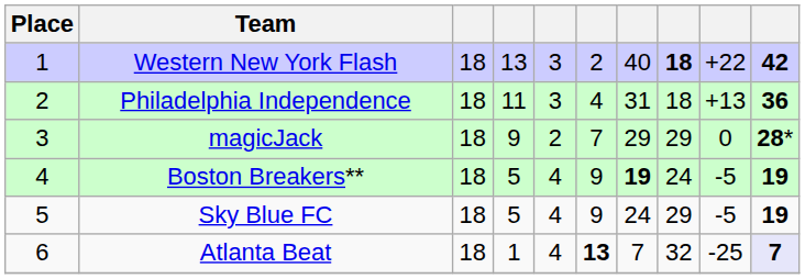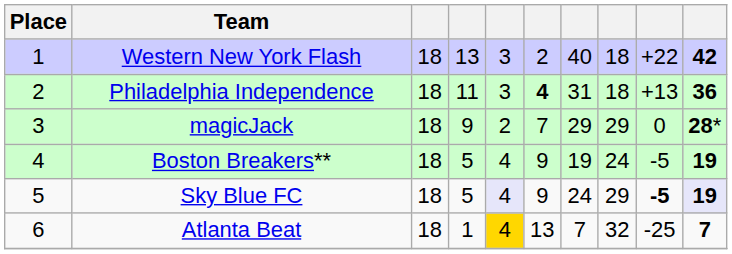 <table class="wikitable">
 <tr>
 <th>Place</th>
 <th width="240">Team</th>
 <th width="20"></th>
 <th width="20"></th>
 <th width="20"></th>
 <th width="20"></th>
 <th width="20"></th>
 <th width="20"></th>
 <th width="20"></th>
 <th width="20"></th>
 </tr>
 <tr bgcolor=#ccccff align="center">
 <td>1</td>
 <td><a href='#'>Western New York Flash</a></td>
 <td>18</td>
 <td>13</td>
 <td>3</td>
 <td>2</td>
 <td>40</td>
-<td><strong>18</strong></td>
+<td>18</td>
 <td>+22</td>
 <td><strong>42</strong></td>
 </tr>
 <tr bgcolor=#ccffcc align="center">
 <td>2</td>
 <td><a href='#'>Philadelphia Independence</a></td>
 <td>18</td>
 <td>11</td>
 <td>3</td>
-<td>4</td>
+<td><strong>4</strong></td>
 <td>31</td>
 <td>18</td>
 <td>+13</td>
 <td><strong>36</strong></td>
 </tr>
 <tr bgcolor=#ccffcc align="center">
 <td>3</td>
 <td><a href='#'>magicJack</a></td>
 <td>18</td>
 <td>9</td>
 <td>2</td>
 <td>7</td>
 <td>29</td>
 <td>29</td>
 <td>0</td>
 <td><strong>28</strong>*</td>
 </tr>
 <tr bgcolor=#ccffcc align="center">
 <td>4</td>
 <td><a href='#'>Boston Breakers</a>**</td>
 <td>18</td>
 <td>5</td>
 <td>4</td>
 <td>9</td>
-<td><strong>19</strong></td>
+<td>19</td>
 <td>24</td>
 <td>-5</td>
 <td><strong>19</strong></td>
 </tr>
 <tr align="center">
 <td>5</td>
 <td><a href='#'>Sky Blue FC</a></td>
 <td>18</td>
 <td>5</td>
-<td>4</td>
+<td style="background: lavender;">4</td>
 <td>9</td>
 <td>24</td>
 <td>29</td>
-<td>-5</td>
-<td><strong>19</strong></td>
+<td><strong>-5</strong></td>
+<td style="background: lavender;"><strong>19</strong></td>
 </tr>
 <tr align="center">
 <td>6</td>
 <td><a href='#'>Atlanta Beat</a></td>
 <td>18</td>
 <td>1</td>
-<td>4</td>
-<td><strong>13</strong></td>
+<td style="background: gold;">4</td>
+<td>13</td>
 <td>7</td>
 <td>32</td>
 <td>-25</td>
-<td style="background: lavender;"><strong>7</strong></td>
+<td><strong>7</strong></td>
 </tr>
 <tr>
 </tr>
 </table>
